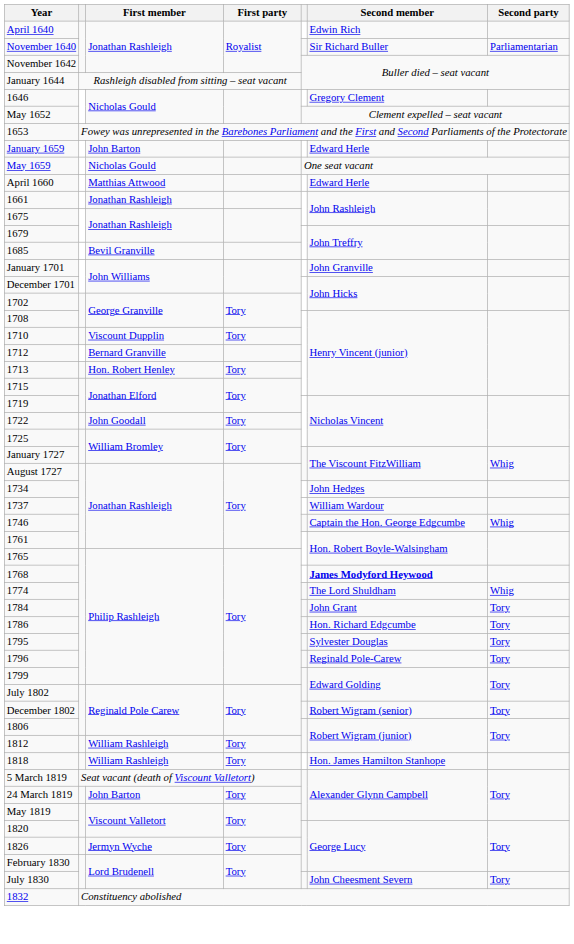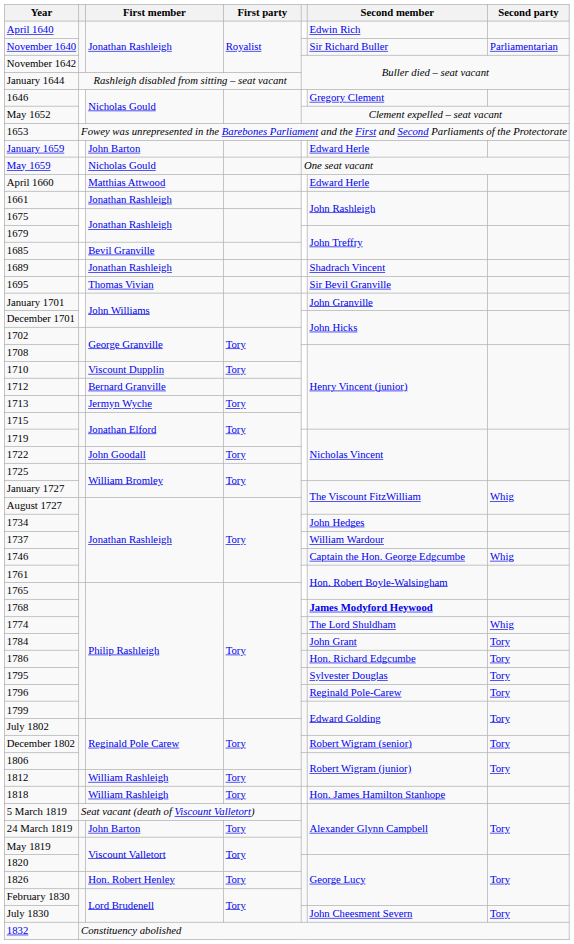 <table class="wikitable">
 <tr>
 <th>Year</th>
 <th></th>
 <th>First member</th>
 <th>First party</th>
 <th></th>
 <th>Second member</th>
 <th>Second party</th>
 </tr>
 <tr>
 <td><a href='#'>April 1640</a></td>
 <td rowspan="3" style="color:inherit;background-color: "></td>
 <td rowspan="3"><a href='#'>Jonathan Rashleigh</a></td>
 <td rowspan="3"><a href='#'>Royalist</a></td>
 <td style="color:inherit;background-color: white"></td>
 <td><a href='#'>Edwin Rich</a></td>
 <td></td>
 </tr>
 <tr>
 <td><a href='#'>November 1640</a></td>
 <td style="color:inherit;background-color: "></td>
 <td><a href='#'>Sir Richard Buller</a></td>
 <td><a href='#'>Parliamentarian</a></td>
 </tr>
 <tr>
 <td>November 1642</td>
 <td align="center" rowspan="2" colspan="3"><em>Buller died – seat vacant</em></td>
 </tr>
 <tr>
 <td>January 1644</td>
 <td align="center" colspan="3"><em>Rashleigh disabled from sitting – seat vacant</em></td>
 </tr>
 <tr>
 <td>1646</td>
 <td rowspan="2" style="color:inherit;background-color: white"></td>
 <td rowspan="2"><a href='#'>Nicholas Gould</a></td>
 <td rowspan="2"></td>
 <td style="color:inherit;background-color: white"></td>
 <td><a href='#'>Gregory Clement</a></td>
 <td></td>
 </tr>
 <tr>
 <td>May 1652</td>
 <td align="center" colspan="3"><em>Clement expelled – seat vacant</em></td>
 </tr>
 <tr>
 <td>1653</td>
 <td align="center" colspan="6"><em>Fowey was unrepresented in the <a href='#'>Barebones Parliament</a> and the <a href='#'>First</a> and <a href='#'>Second</a> Parliaments of the Protectorate</em></td>
 </tr>
 <tr>
 <td><a href='#'>January 1659</a></td>
 <td style="color:inherit;background-color: white"></td>
 <td><a href='#'>John Barton</a></td>
 <td></td>
 <td style="color:inherit;background-color: white"></td>
 <td><a href='#'>Edward Herle</a></td>
 <td></td>
 </tr>
 <tr>
 <td><a href='#'>May 1659</a></td>
 <td style="color:inherit;background-color: white"></td>
 <td><a href='#'>Nicholas Gould</a></td>
 <td></td>
 <td colspan="3"><em>One seat vacant</em></td>
 </tr>
 <tr>
 <td>April 1660</td>
 <td style="color:inherit;background-color: white"></td>
 <td><a href='#'>Matthias Attwood</a></td>
 <td></td>
 <td style="color:inherit;background-color: white"></td>
 <td><a href='#'>Edward Herle</a></td>
 <td></td>
 </tr>
 <tr>
 <td>1661</td>
 <td style="color:inherit;background-color: white"></td>
 <td><a href='#'>Jonathan Rashleigh</a></td>
 <td></td>
 <td rowspan="2" style="color:inherit;background-color: white"></td>
 <td rowspan="2"><a href='#'>John Rashleigh</a></td>
 <td rowspan="2"></td>
 </tr>
 <tr>
 <td>1675</td>
 <td rowspan="2" style="color:inherit;background-color: white"></td>
 <td rowspan="2"><a href='#'>Jonathan Rashleigh</a></td>
 <td rowspan="2"></td>
 </tr>
 <tr>
 <td>1679</td>
 <td rowspan="2" style="color:inherit;background-color: white"></td>
 <td rowspan="2"><a href='#'>John Treffry</a></td>
 <td rowspan="2"></td>
 </tr>
 <tr>
 <td>1685</td>
 <td style="color:inherit;background-color: white"></td>
 <td><a href='#'>Bevil Granville</a></td>
 <td></td>
 </tr>
 <tr>
+<td>1689</td>
+<td style="color:inherit;background-color: white"></td>
+<td><a href='#'>Jonathan Rashleigh</a></td>
+<td></td>
+<td style="color:inherit;background-color: white"></td>
+<td><a href='#'>Shadrach Vincent</a></td>
+<td></td>
+</tr>
+<tr>
+<td>1695</td>
+<td style="color:inherit;background-color: white"></td>
+<td><a href='#'>Thomas Vivian</a></td>
+<td></td>
+<td style="color:inherit;background-color: white"></td>
+<td><a href='#'>Sir Bevil Granville</a></td>
+<td></td>
+</tr>
+<tr>
 <td>January 1701</td>
 <td rowspan="2" style="color:inherit;background-color: white"></td>
 <td rowspan="2"><a href='#'>John Williams</a></td>
 <td rowspan="2"></td>
 <td style="color:inherit;background-color: white"></td>
 <td><a href='#'>John Granville</a></td>
 <td></td>
 </tr>
 <tr>
 <td>December 1701</td>
 <td rowspan="2" style="color:inherit;background-color: white"></td>
 <td rowspan="2"><a href='#'>John Hicks</a></td>
 <td rowspan="2"></td>
 </tr>
 <tr>
 <td>1702</td>
 <td rowspan="2" style="color:inherit;background-color: "></td>
 <td rowspan="2"><a href='#'>George Granville</a></td>
 <td rowspan="2"><a href='#'>Tory</a></td>
 </tr>
 <tr>
 <td>1708</td>
 <td rowspan="5" style="color:inherit;background-color: white"></td>
 <td rowspan="5"><a href='#'>Henry Vincent (junior)</a></td>
 <td rowspan="5"></td>
 </tr>
 <tr>
 <td>1710</td>
 <td style="color:inherit;background-color: "></td>
 <td><a href='#'>Viscount Dupplin</a></td>
 <td><a href='#'>Tory</a></td>
 </tr>
 <tr>
 <td>1712</td>
 <td style="color:inherit;background-color: white"></td>
 <td><a href='#'>Bernard Granville</a></td>
 <td></td>
 </tr>
 <tr>
 <td>1713</td>
 <td style="color:inherit;background-color: "></td>
-<td><a href='#'>Hon. Robert Henley</a></td>
+<td><a href='#'>Jermyn Wyche</a></td>
 <td><a href='#'>Tory</a></td>
 </tr>
 <tr>
 <td>1715</td>
 <td rowspan="2" style="color:inherit;background-color: "></td>
 <td rowspan="2"><a href='#'>Jonathan Elford</a></td>
 <td rowspan="2"><a href='#'>Tory</a></td>
 </tr>
 <tr>
 <td>1719</td>
 <td rowspan="3" style="color:inherit;background-color: white"></td>
 <td rowspan="3"><a href='#'>Nicholas Vincent</a></td>
 <td rowspan="3"></td>
 </tr>
 <tr>
 <td>1722</td>
 <td style="color:inherit;background-color: "></td>
 <td><a href='#'>John Goodall</a></td>
 <td><a href='#'>Tory</a></td>
 </tr>
 <tr>
 <td>1725</td>
 <td rowspan="2" style="color:inherit;background-color: "></td>
 <td rowspan="2"><a href='#'>William Bromley</a></td>
 <td rowspan="2"><a href='#'>Tory</a></td>
 </tr>
 <tr>
 <td>January 1727</td>
 <td rowspan="2" style="color:inherit;background-color: "></td>
 <td rowspan="2"><a href='#'>The Viscount FitzWilliam</a></td>
 <td rowspan="2"><a href='#'>Whig</a></td>
 </tr>
 <tr>
 <td>August 1727</td>
 <td rowspan="5" style="color:inherit;background-color: "></td>
 <td rowspan="5"><a href='#'>Jonathan Rashleigh</a></td>
 <td rowspan="5"><a href='#'>Tory</a></td>
 </tr>
 <tr>
 <td>1734</td>
 <td style="color:inherit;background-color: white"></td>
 <td><a href='#'>John Hedges</a></td>
 <td></td>
 </tr>
 <tr>
 <td>1737</td>
 <td style="color:inherit;background-color: white"></td>
 <td><a href='#'>William Wardour</a></td>
 <td></td>
 </tr>
 <tr>
 <td>1746</td>
 <td style="color:inherit;background-color: "></td>
 <td><a href='#'>Captain the Hon. George Edgcumbe</a></td>
 <td><a href='#'>Whig</a></td>
 </tr>
 <tr>
 <td>1761</td>
 <td rowspan="2" style="color:inherit;background-color: white"></td>
 <td rowspan="2"><a href='#'>Hon. Robert Boyle-Walsingham</a></td>
 <td rowspan="2"></td>
 </tr>
 <tr>
 <td>1765</td>
 <td rowspan="8" style="color:inherit;background-color: "></td>
 <td rowspan="8"><a href='#'>Philip Rashleigh</a></td>
 <td rowspan="8"><a href='#'>Tory</a></td>
 </tr>
 <tr>
 <td>1768</td>
 <td style="color:inherit;background-color: white"></td>
 <td><strong><a href='#'>James Modyford Heywood</a></strong></td>
 <td></td>
 </tr>
 <tr>
 <td>1774</td>
 <td style="color:inherit;background-color: "></td>
 <td><a href='#'>The Lord Shuldham</a></td>
 <td><a href='#'>Whig</a></td>
 </tr>
 <tr>
 <td>1784</td>
 <td style="color:inherit;background-color: "></td>
 <td><a href='#'>John Grant</a></td>
 <td><a href='#'>Tory</a></td>
 </tr>
 <tr>
 <td>1786</td>
 <td style="color:inherit;background-color: "></td>
 <td><a href='#'>Hon. Richard Edgcumbe</a></td>
 <td><a href='#'>Tory</a></td>
 </tr>
 <tr>
 <td>1795</td>
 <td style="color:inherit;background-color: "></td>
 <td><a href='#'>Sylvester Douglas</a></td>
 <td><a href='#'>Tory</a></td>
 </tr>
 <tr>
 <td>1796</td>
 <td style="color:inherit;background-color: "></td>
 <td><a href='#'>Reginald Pole-Carew</a></td>
 <td><a href='#'>Tory</a></td>
 </tr>
 <tr>
 <td>1799</td>
 <td rowspan="2" style="color:inherit;background-color: "></td>
 <td rowspan="2"><a href='#'>Edward Golding</a></td>
 <td rowspan="2"><a href='#'>Tory</a></td>
 </tr>
 <tr>
 <td>July 1802</td>
 <td rowspan="3" style="color:inherit;background-color: "></td>
 <td rowspan="3"><a href='#'>Reginald Pole Carew</a></td>
 <td rowspan="3"><a href='#'>Tory</a></td>
 </tr>
 <tr>
 <td>December 1802</td>
 <td style="color:inherit;background-color: "></td>
 <td><a href='#'>Robert Wigram (senior)</a></td>
 <td><a href='#'>Tory</a></td>
 </tr>
 <tr>
 <td>1806</td>
 <td rowspan="2" style="color:inherit;background-color: "></td>
 <td rowspan="2"><a href='#'>Robert Wigram (junior)</a></td>
 <td rowspan="2"><a href='#'>Tory</a></td>
 </tr>
 <tr>
 <td>1812</td>
 <td style="color:inherit;background-color: "></td>
 <td><a href='#'>William Rashleigh</a></td>
 <td><a href='#'>Tory</a></td>
 </tr>
 <tr>
 <td>1818</td>
 <td style="color:inherit;background-color: "></td>
 <td><a href='#'>William Rashleigh</a></td>
 <td><a href='#'>Tory</a></td>
 <td style="color:inherit;background-color: white"></td>
 <td><a href='#'>Hon. James Hamilton Stanhope</a></td>
 <td></td>
 </tr>
 <tr>
 <td>5 March 1819</td>
 <td colspan="3"><em>Seat vacant (death of <a href='#'>Viscount Valletort</a>)</em></td>
 <td rowspan="3" style="color:inherit;background-color: "></td>
 <td rowspan="3"><a href='#'>Alexander Glynn Campbell</a></td>
 <td rowspan="3"><a href='#'>Tory</a></td>
 </tr>
 <tr>
 <td>24 March 1819</td>
 <td style="color:inherit;background-color: "></td>
 <td><a href='#'>John Barton</a></td>
 <td><a href='#'>Tory</a></td>
 </tr>
 <tr>
 <td>May 1819</td>
 <td rowspan="2" style="color:inherit;background-color: "></td>
 <td rowspan="2"><a href='#'>Viscount Valletort</a></td>
 <td rowspan="2"><a href='#'>Tory</a></td>
 </tr>
 <tr>
 <td>1820</td>
 <td rowspan="3" style="color:inherit;background-color: "></td>
 <td rowspan="3"><a href='#'>George Lucy</a></td>
 <td rowspan="3"><a href='#'>Tory</a></td>
 </tr>
 <tr>
 <td>1826</td>
 <td style="color:inherit;background-color: "></td>
-<td><a href='#'>Jermyn Wyche</a></td>
+<td><a href='#'>Hon. Robert Henley</a></td>
 <td><a href='#'>Tory</a></td>
 </tr>
 <tr>
 <td>February 1830</td>
 <td rowspan="2" style="color:inherit;background-color: "></td>
 <td rowspan="2"><a href='#'>Lord Brudenell</a></td>
 <td rowspan="2"><a href='#'>Tory</a></td>
 </tr>
 <tr>
 <td>July 1830</td>
 <td style="color:inherit;background-color: "></td>
 <td><a href='#'>John Cheesment Severn</a></td>
 <td><a href='#'>Tory</a></td>
 </tr>
 <tr>
 <td><a href='#'>1832</a></td>
 <td colspan="6"><em>Constituency abolished</em></td>
 </tr>
 </table>
